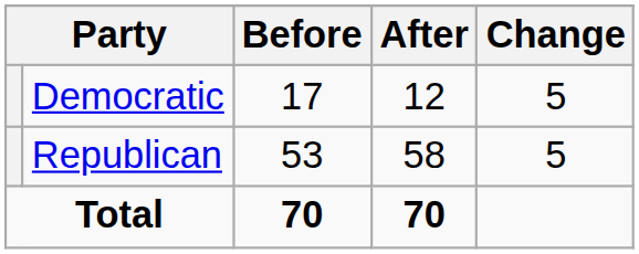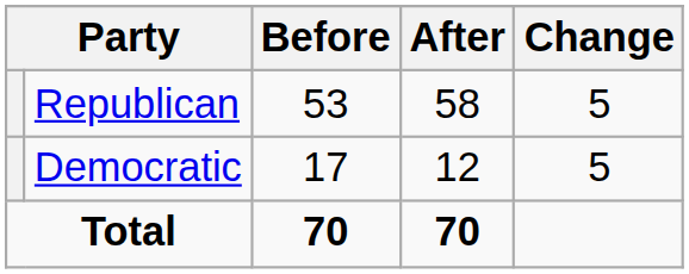 <table class="wikitable" style="text-align:center;">
 <tr>
 </tr>
 <tr>
 <th colspan=2>Party</th>
 <th>Before</th>
 <th>After</th>
 <th>Change</th>
 </tr>
 <tr>
 <th style="background-color:"></th>
-<td style="text-align:left;"><a href='#'>Democratic</a></td>
-<td>17</td>
-<td>12</td>
+<td style="text-align:left;"><a href='#'>Republican</a></td>
+<td>53</td>
+<td>58</td>
 <td> 5</td>
 </tr>
 <tr>
 <th style="background-color:"></th>
-<td style="text-align:left;"><a href='#'>Republican</a></td>
-<td>53</td>
-<td>58</td>
+<td style="text-align:left;"><a href='#'>Democratic</a></td>
+<td>17</td>
+<td>12</td>
 <td> 5</td>
 </tr>
 <tr>
 <td colspan=2><strong>Total</strong></td>
 <td><strong>70</strong></td>
 <td><strong>70</strong></td>
 <td></td>
 </tr>
 </table>
